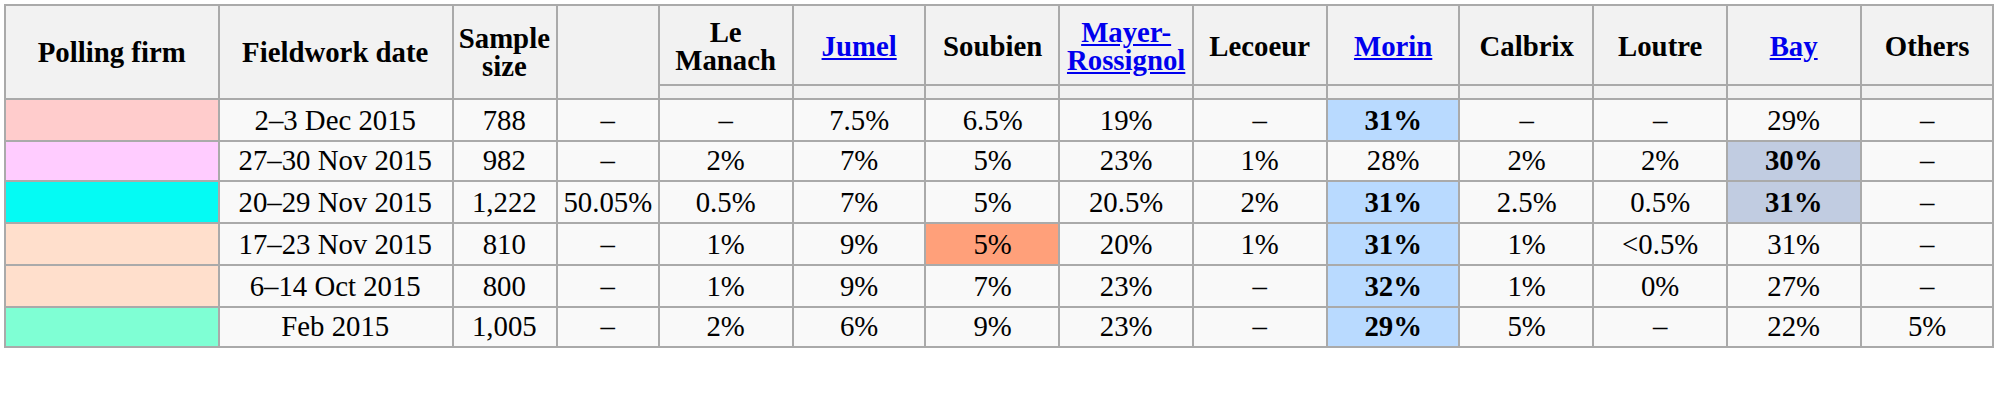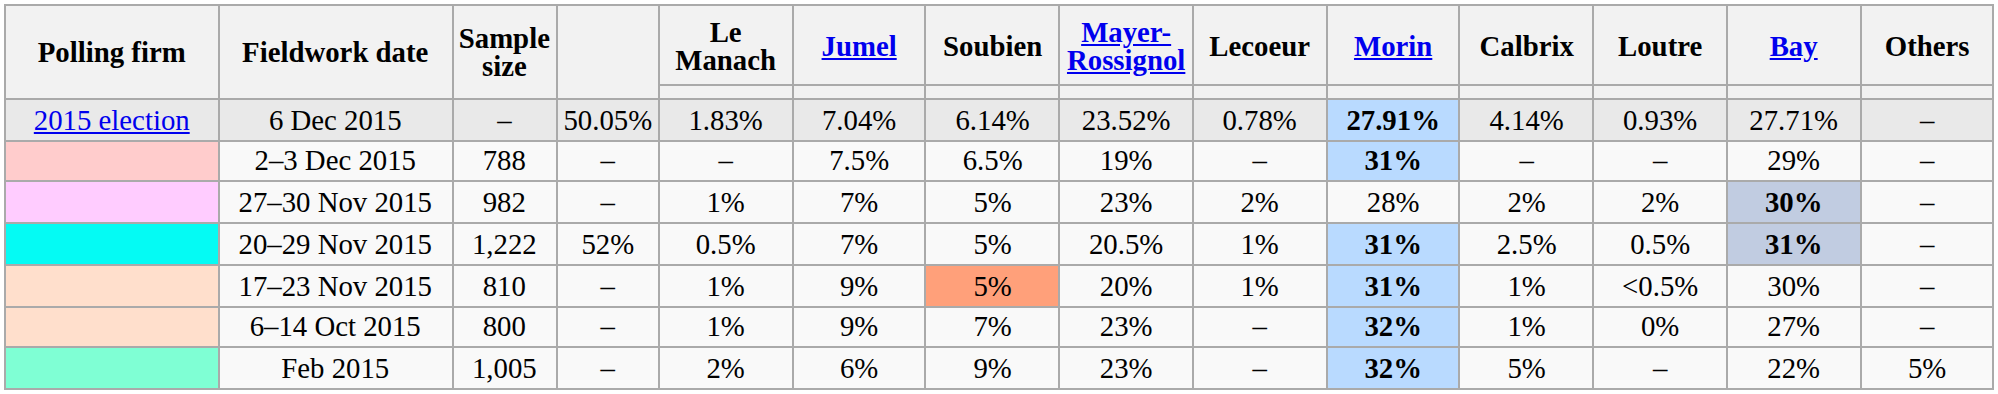 <table class="wikitable sortable" style="text-align:center;font-size:90%;line-height:14px;">
 <tr style="height:40px;">
 <th style="width:100px;" rowspan="2">Polling firm</th>
 <th style="width:110px;" rowspan="2">Fieldwork date</th>
 <th style="width:35px;" rowspan="2">Sample<br>size</th>
 <th style="width:30px;" rowspan="2"></th>
 <th class="unsortable" style="width:60px;">Le Manach<br></th>
 <th class="unsortable" style="width:60px;"><a href='#'>Jumel</a><br></th>
 <th class="unsortable" style="width:60px;">Soubien<br></th>
 <th class="unsortable" style="width:60px;"><a href='#'>Mayer-Rossignol</a><br></th>
 <th class="unsortable" style="width:60px;">Lecoeur<br></th>
 <th class="unsortable" style="width:60px;"><a href='#'>Morin</a><br></th>
 <th class="unsortable" style="width:60px;">Calbrix<br></th>
 <th class="unsortable" style="width:60px;">Loutre<br></th>
 <th class="unsortable" style="width:60px;"><a href='#'>Bay</a><br></th>
 <th class="unsortable" style="width:60px;">Others</th>
 </tr>
 <tr>
 <th style="background:"></th>
 <th style="background:"></th>
 <th style="background:"></th>
 <th style="background:"></th>
 <th style="background:"></th>
 <th style="background:"></th>
 <th style="background:"></th>
 <th style="background:"></th>
 <th style="background:"></th>
 <th style="background:"></th>
 </tr>
+<tr style="background:#E9E9E9;">
+<td><a href='#'>2015 election</a></td>
+<td data-sort-value="2015-12-06">6 Dec 2015</td>
+<td>–</td>
+<td>50.05%</td>
+<td>1.83%</td>
+<td>7.04%</td>
+<td>6.14%</td>
+<td>23.52%</td>
+<td>0.78%</td>
+<td style="background:#B9DAFF;"><strong>27.91%</strong></td>
+<td>4.14%</td>
+<td>0.93%</td>
+<td>27.71%</td>
+<td>–</td>
+</tr>
 <tr>
 <td style="background:#FFCCCC;"></td>
 <td data-sort-value="2015-12-03">2–3 Dec 2015</td>
 <td>788</td>
 <td>–</td>
 <td>–</td>
 <td>7.5%</td>
 <td>6.5%</td>
 <td>19%</td>
 <td>–</td>
 <td style="background:#B9DAFF;"><strong>31%</strong></td>
 <td>–</td>
 <td>–</td>
 <td>29%</td>
 <td>–</td>
 </tr>
 <tr>
 <td style="background:#FFCCFF;"></td>
 <td data-sort-value="2015-11-30">27–30 Nov 2015</td>
 <td>982</td>
 <td>–</td>
-<td>2%</td>
+<td>1%</td>
 <td>7%</td>
 <td>5%</td>
 <td>23%</td>
-<td>1%</td>
+<td>2%</td>
 <td>28%</td>
 <td>2%</td>
 <td>2%</td>
 <td style="background:#C1CCE1;"><strong>30%</strong></td>
 <td>–</td>
 </tr>
 <tr>
 <td style="background:#04FBF4;"></td>
 <td data-sort-value="2015-11-29">20–29 Nov 2015</td>
 <td>1,222</td>
-<td>50.05%</td>
+<td>52%</td>
 <td>0.5%</td>
 <td>7%</td>
 <td>5%</td>
 <td>20.5%</td>
-<td>2%</td>
+<td>1%</td>
 <td style="background:#B9DAFF;"><strong>31%</strong></td>
 <td>2.5%</td>
 <td>0.5%</td>
 <td style="background:#C1CCE1;"><strong>31%</strong></td>
 <td>–</td>
 </tr>
 <tr>
 <td style="background:#FFDFCC;"></td>
 <td data-sort-value="2015-11-23">17–23 Nov 2015</td>
 <td>810</td>
 <td>–</td>
 <td>1%</td>
 <td>9%</td>
 <td style="background: lightsalmon;">5%</td>
 <td>20%</td>
 <td>1%</td>
 <td style="background:#B9DAFF;"><strong>31%</strong></td>
 <td>1%</td>
 <td data-sort-value="0%"><0.5%</td>
-<td>31%</td>
+<td>30%</td>
 <td>–</td>
 </tr>
 <tr>
 <td style="background:#FFDFCC;"></td>
 <td data-sort-value="2015-10-14">6–14 Oct 2015</td>
 <td>800</td>
 <td>–</td>
 <td>1%</td>
 <td>9%</td>
 <td>7%</td>
 <td>23%</td>
 <td>–</td>
 <td style="background:#B9DAFF;"><strong>32%</strong></td>
 <td>1%</td>
 <td>0%</td>
 <td>27%</td>
 <td>–</td>
 </tr>
 <tr>
 <td style="background:aquamarine;"></td>
 <td data-sort-value="2015-02">Feb 2015</td>
 <td>1,005</td>
 <td>–</td>
 <td>2%</td>
 <td>6%</td>
 <td>9%</td>
 <td>23%</td>
 <td>–</td>
-<td style="background:#B9DAFF;"><strong>29%</strong></td>
+<td style="background:#B9DAFF;"><strong>32%</strong></td>
 <td>5%</td>
 <td>–</td>
 <td>22%</td>
 <td>5%</td>
 </tr>
 </table>
